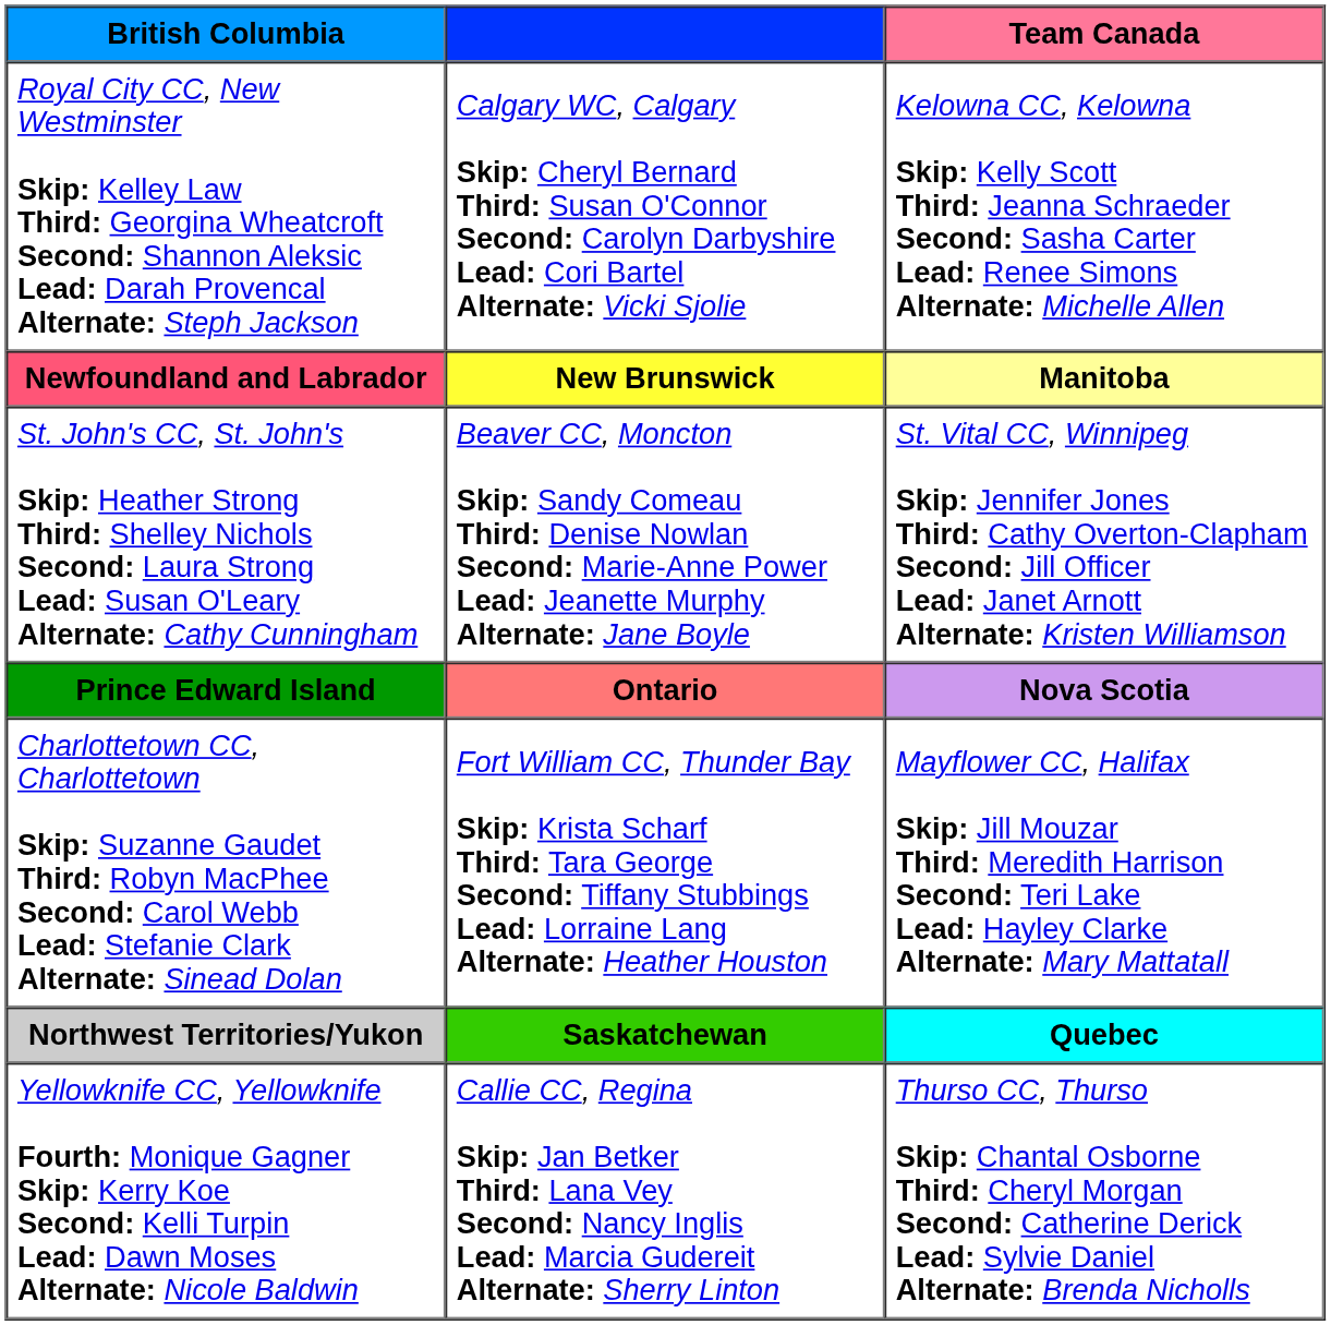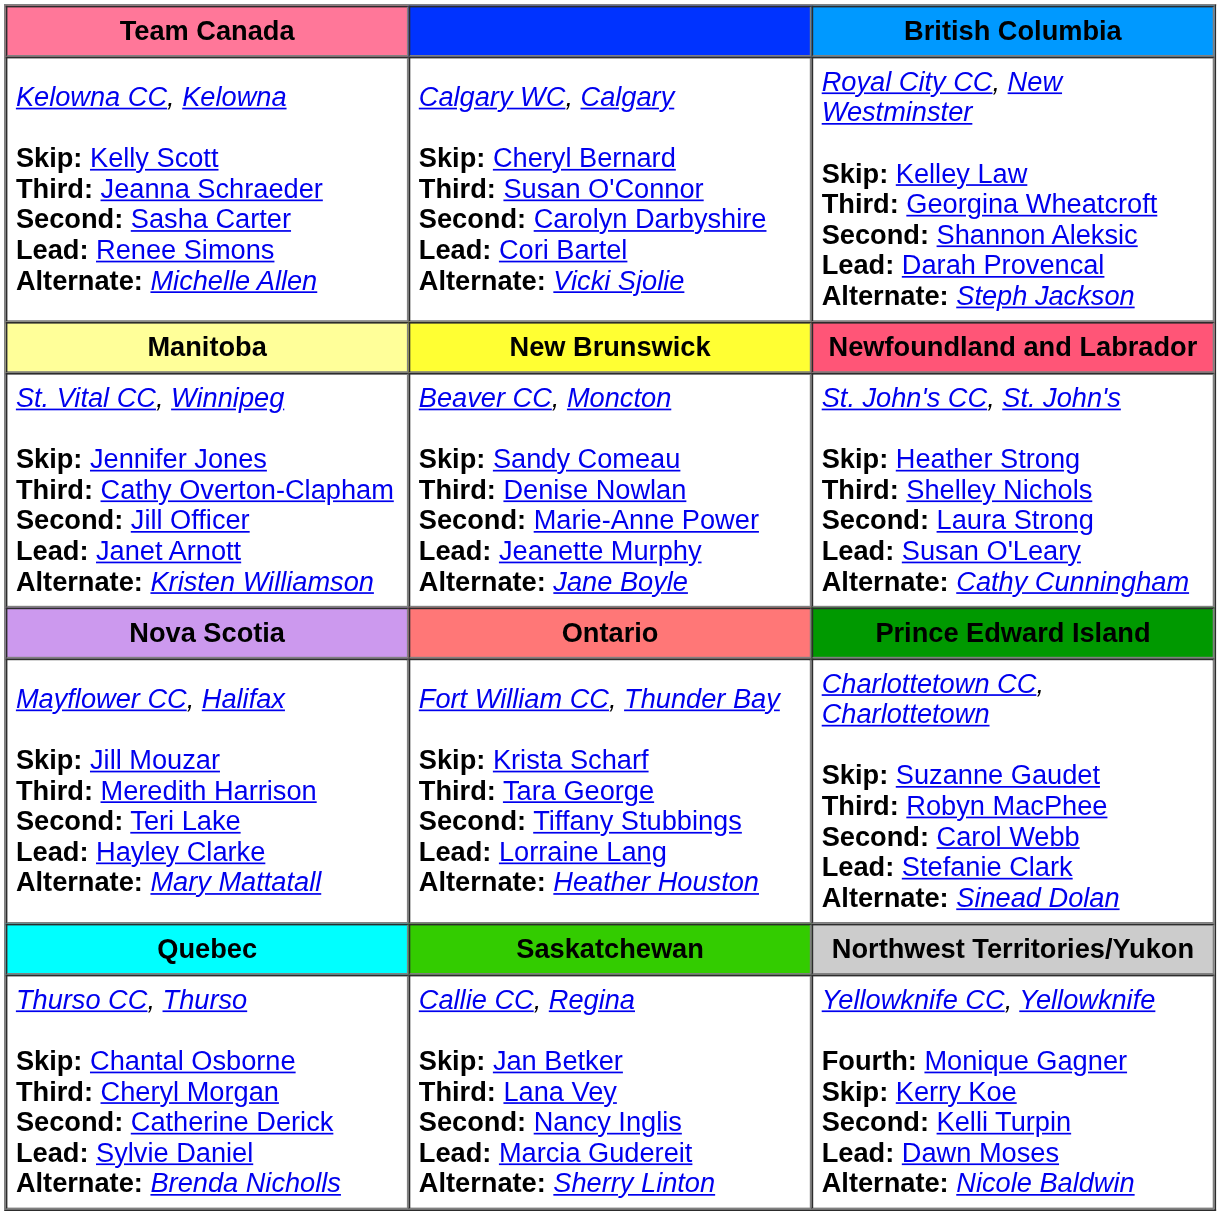 <table border=1 cellpadding=5 cellspacing=0>
 <tr>
+<th bgcolor="#ff7799" width="225">Team Canada</th>
+<th bgcolor="#0033ff" width="225"></th>
 <th bgcolor="#0099ff" width="225">British Columbia</th>
-<th bgcolor="#0033ff" width="225"></th>
-<th bgcolor="#ff7799" width="225">Team Canada</th>
 </tr>
 <tr align=center>
+<td align=left><em><a href='#'>Kelowna CC</a>, <a href='#'>Kelowna</a></em><br><br><strong>Skip:</strong> <a href='#'>Kelly Scott</a><br> <strong>Third:</strong> <a href='#'>Jeanna Schraeder</a><br> <strong>Second:</strong> <a href='#'>Sasha Carter</a><br> <strong>Lead:</strong> <a href='#'>Renee Simons</a><br> <strong>Alternate:</strong> <em><a href='#'>Michelle Allen</a></em></td>
+<td align=left><em><a href='#'>Calgary WC</a>, <a href='#'>Calgary</a></em><br><br><strong>Skip:</strong> <a href='#'>Cheryl Bernard</a><br> <strong>Third:</strong> <a href='#'>Susan O'Connor</a><br> <strong>Second:</strong> <a href='#'>Carolyn Darbyshire</a><br> <strong>Lead:</strong> <a href='#'>Cori Bartel</a><br> <strong>Alternate:</strong> <em><a href='#'>Vicki Sjolie</a></em></td>
 <td align=left><em><a href='#'>Royal City CC</a>, <a href='#'>New Westminster</a></em><br><br><strong>Skip:</strong> <a href='#'>Kelley Law</a><br> <strong>Third:</strong> <a href='#'>Georgina Wheatcroft</a><br> <strong>Second:</strong> <a href='#'>Shannon Aleksic</a><br> <strong>Lead:</strong> <a href='#'>Darah Provencal</a><br> <strong>Alternate:</strong> <em><a href='#'>Steph Jackson</a></em></td>
-<td align=left><em><a href='#'>Calgary WC</a>, <a href='#'>Calgary</a></em><br><br><strong>Skip:</strong> <a href='#'>Cheryl Bernard</a><br> <strong>Third:</strong> <a href='#'>Susan O'Connor</a><br> <strong>Second:</strong> <a href='#'>Carolyn Darbyshire</a><br> <strong>Lead:</strong> <a href='#'>Cori Bartel</a><br> <strong>Alternate:</strong> <em><a href='#'>Vicki Sjolie</a></em></td>
-<td align=left><em><a href='#'>Kelowna CC</a>, <a href='#'>Kelowna</a></em><br><br><strong>Skip:</strong> <a href='#'>Kelly Scott</a><br> <strong>Third:</strong> <a href='#'>Jeanna Schraeder</a><br> <strong>Second:</strong> <a href='#'>Sasha Carter</a><br> <strong>Lead:</strong> <a href='#'>Renee Simons</a><br> <strong>Alternate:</strong> <em><a href='#'>Michelle Allen</a></em></td>
 </tr>
 <tr border=1 cellpadding=5 cellspacing=0>
+<th bgcolor="#ffff99" width="200">Manitoba</th>
+<th bgcolor="#ffff33" width="200">New Brunswick</th>
 <th bgcolor="#ff5577" width="200">Newfoundland and Labrador</th>
-<th bgcolor="#ffff33" width="200">New Brunswick</th>
-<th bgcolor="#ffff99" width="200">Manitoba</th>
 </tr>
 <tr align=center>
+<td align=left><em><a href='#'>St. Vital CC</a>, <a href='#'>Winnipeg</a></em><br><br><strong>Skip:</strong> <a href='#'>Jennifer Jones</a><br> <strong>Third:</strong> <a href='#'>Cathy Overton-Clapham</a><br> <strong>Second:</strong> <a href='#'>Jill Officer</a><br> <strong>Lead:</strong> <a href='#'>Janet Arnott</a><br> <strong>Alternate:</strong> <em><a href='#'>Kristen Williamson</a></em></td>
+<td align=left><em><a href='#'>Beaver CC</a>, <a href='#'>Moncton</a></em><br><br><strong>Skip:</strong> <a href='#'>Sandy Comeau</a><br> <strong>Third:</strong> <a href='#'>Denise Nowlan</a><br> <strong>Second:</strong> <a href='#'>Marie-Anne Power</a><br> <strong>Lead:</strong> <a href='#'>Jeanette Murphy</a><br> <strong>Alternate:</strong> <em><a href='#'>Jane Boyle</a></em></td>
 <td align=left><em><a href='#'>St. John's CC</a>, <a href='#'>St. John's</a></em><br><br><strong>Skip:</strong> <a href='#'>Heather Strong</a><br> <strong>Third:</strong> <a href='#'>Shelley Nichols</a><br> <strong>Second:</strong> <a href='#'>Laura Strong</a><br> <strong>Lead:</strong> <a href='#'>Susan O'Leary</a><br> <strong>Alternate:</strong> <em><a href='#'>Cathy Cunningham</a></em></td>
-<td align=left><em><a href='#'>Beaver CC</a>, <a href='#'>Moncton</a></em><br><br><strong>Skip:</strong> <a href='#'>Sandy Comeau</a><br> <strong>Third:</strong> <a href='#'>Denise Nowlan</a><br> <strong>Second:</strong> <a href='#'>Marie-Anne Power</a><br> <strong>Lead:</strong> <a href='#'>Jeanette Murphy</a><br> <strong>Alternate:</strong> <em><a href='#'>Jane Boyle</a></em></td>
-<td align=left><em><a href='#'>St. Vital CC</a>, <a href='#'>Winnipeg</a></em><br><br><strong>Skip:</strong> <a href='#'>Jennifer Jones</a><br> <strong>Third:</strong> <a href='#'>Cathy Overton-Clapham</a><br> <strong>Second:</strong> <a href='#'>Jill Officer</a><br> <strong>Lead:</strong> <a href='#'>Janet Arnott</a><br> <strong>Alternate:</strong> <em><a href='#'>Kristen Williamson</a></em></td>
 </tr>
 <tr border=1 cellpadding=5 cellspacing=0>
+<th bgcolor="#cc99ee" width="200">Nova Scotia</th>
+<th bgcolor="#ff7777" width="200">Ontario</th>
 <th bgcolor="#009900" width="200">Prince Edward Island</th>
-<th bgcolor="#ff7777" width="200">Ontario</th>
-<th bgcolor="#cc99ee" width="200">Nova Scotia</th>
 </tr>
 <tr align=center>
+<td align=left><em><a href='#'>Mayflower CC</a>, <a href='#'>Halifax</a></em><br><br><strong>Skip:</strong> <a href='#'>Jill Mouzar</a><br> <strong>Third:</strong> <a href='#'>Meredith Harrison</a><br> <strong>Second:</strong> <a href='#'>Teri Lake</a><br> <strong>Lead:</strong> <a href='#'>Hayley Clarke</a><br> <strong>Alternate:</strong> <em><a href='#'>Mary Mattatall</a></em></td>
+<td align=left><em><a href='#'>Fort William CC</a>, <a href='#'>Thunder Bay</a></em><br><br><strong>Skip:</strong> <a href='#'>Krista Scharf</a><br> <strong>Third:</strong> <a href='#'>Tara George</a><br> <strong>Second:</strong> <a href='#'>Tiffany Stubbings</a><br> <strong>Lead:</strong> <a href='#'>Lorraine Lang</a><br> <strong>Alternate:</strong> <em><a href='#'>Heather Houston</a></em></td>
 <td align=left><em><a href='#'>Charlottetown CC</a>, <a href='#'>Charlottetown</a></em><br><br><strong>Skip:</strong> <a href='#'>Suzanne Gaudet</a><br> <strong>Third:</strong> <a href='#'>Robyn MacPhee</a><br> <strong>Second:</strong> <a href='#'>Carol Webb</a><br> <strong>Lead:</strong> <a href='#'>Stefanie Clark</a><br> <strong>Alternate:</strong> <em><a href='#'>Sinead Dolan</a></em></td>
-<td align=left><em><a href='#'>Fort William CC</a>, <a href='#'>Thunder Bay</a></em><br><br><strong>Skip:</strong> <a href='#'>Krista Scharf</a><br> <strong>Third:</strong> <a href='#'>Tara George</a><br> <strong>Second:</strong> <a href='#'>Tiffany Stubbings</a><br> <strong>Lead:</strong> <a href='#'>Lorraine Lang</a><br> <strong>Alternate:</strong> <em><a href='#'>Heather Houston</a></em></td>
-<td align=left><em><a href='#'>Mayflower CC</a>, <a href='#'>Halifax</a></em><br><br><strong>Skip:</strong> <a href='#'>Jill Mouzar</a><br> <strong>Third:</strong> <a href='#'>Meredith Harrison</a><br> <strong>Second:</strong> <a href='#'>Teri Lake</a><br> <strong>Lead:</strong> <a href='#'>Hayley Clarke</a><br> <strong>Alternate:</strong> <em><a href='#'>Mary Mattatall</a></em></td>
 </tr>
 <tr border=1 cellpadding=5 cellspacing=0>
+<th bgcolor="#00ffff" width="200">Quebec</th>
+<th bgcolor="#33cc00" width="200">Saskatchewan</th>
 <th bgcolor="#cccccc" width="200">Northwest Territories/Yukon</th>
-<th bgcolor="#33cc00" width="200">Saskatchewan</th>
-<th bgcolor="#00ffff" width="200">Quebec</th>
 </tr>
 <tr align=center>
+<td align=left><em><a href='#'>Thurso CC</a>, <a href='#'>Thurso</a></em><br><br><strong>Skip:</strong> <a href='#'>Chantal Osborne</a><br> <strong>Third:</strong> <a href='#'>Cheryl Morgan</a><br> <strong>Second:</strong> <a href='#'>Catherine Derick</a><br>  <strong>Lead:</strong> <a href='#'>Sylvie Daniel</a><br> <strong>Alternate:</strong> <em><a href='#'>Brenda Nicholls</a></em></td>
+<td align=left><em><a href='#'>Callie CC</a>, <a href='#'>Regina</a></em><br><br><strong>Skip:</strong> <a href='#'>Jan Betker</a><br> <strong>Third:</strong> <a href='#'>Lana Vey</a><br> <strong>Second:</strong> <a href='#'>Nancy Inglis</a><br> <strong>Lead:</strong> <a href='#'>Marcia Gudereit</a><br> <strong>Alternate:</strong> <em><a href='#'>Sherry Linton</a></em></td>
 <td align=left><em><a href='#'>Yellowknife CC</a>, <a href='#'>Yellowknife</a></em><br><br><strong>Fourth:</strong> <a href='#'>Monique Gagner</a><br> <strong>Skip:</strong> <a href='#'>Kerry Koe</a><br> <strong>Second:</strong> <a href='#'>Kelli Turpin</a><br> <strong>Lead:</strong> <a href='#'>Dawn Moses</a><br> <strong>Alternate:</strong> <em><a href='#'>Nicole Baldwin</a></em></td>
-<td align=left><em><a href='#'>Callie CC</a>, <a href='#'>Regina</a></em><br><br><strong>Skip:</strong> <a href='#'>Jan Betker</a><br> <strong>Third:</strong> <a href='#'>Lana Vey</a><br> <strong>Second:</strong> <a href='#'>Nancy Inglis</a><br> <strong>Lead:</strong> <a href='#'>Marcia Gudereit</a><br> <strong>Alternate:</strong> <em><a href='#'>Sherry Linton</a></em></td>
-<td align=left><em><a href='#'>Thurso CC</a>, <a href='#'>Thurso</a></em><br><br><strong>Skip:</strong> <a href='#'>Chantal Osborne</a><br> <strong>Third:</strong> <a href='#'>Cheryl Morgan</a><br> <strong>Second:</strong> <a href='#'>Catherine Derick</a><br>  <strong>Lead:</strong> <a href='#'>Sylvie Daniel</a><br> <strong>Alternate:</strong> <em><a href='#'>Brenda Nicholls</a></em></td>
 </tr>
 </table>
